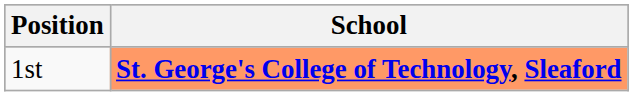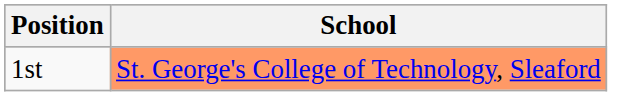 <table class="wikitable">
 <tr>
 <th>Position</th>
 <th>School</th>
 </tr>
 <tr>
 <td>1st</td>
-<td style="background-color:#FF9966;"><strong><a href='#'>St. George's College of Technology</a>, <a href='#'>Sleaford</a></strong></td>
+<td style="background-color:#FF9966;"><a href='#'>St. George's College of Technology</a>, <a href='#'>Sleaford</a></td>
 </tr>
 </table>
